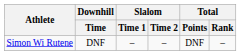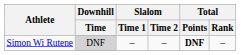 <table class="wikitable" style="font-size:90%">
 <tr>
 <th rowspan="2">Athlete</th>
 <th>Downhill</th>
 <th colspan="2">Slalom</th>
 <th colspan="2">Total</th>
 </tr>
 <tr>
 <th>Time</th>
 <th>Time 1</th>
 <th>Time 2</th>
 <th>Points</th>
 <th>Rank</th>
 </tr>
 <tr>
 <td><a href='#'>Simon Wi Rutene</a></td>
-<td align="center">DNF</td>
+<td align="center" style="background: lightgrey;">DNF</td>
 <td align="center">–</td>
 <td align="center">–</td>
-<td align="center">DNF</td>
+<td align="center"><strong>DNF</strong></td>
 <td align="center">–</td>
 </tr>
 </table>
